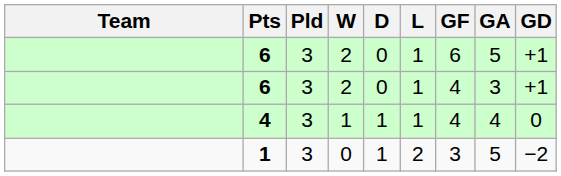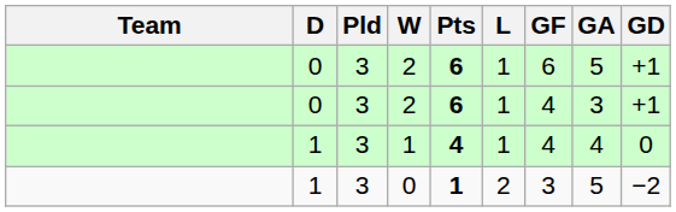 <table class="wikitable" style="text-align: center;">
 <tr>
 <th width=175>Team</th>
-<th width=20 abbr="Points">Pts</th>
+<th width=20 abbr="Drawn">D</th>
 <th width=20 abbr="Played">Pld</th>
 <th width=20 abbr="Won">W</th>
-<th width=20 abbr="Drawn">D</th>
+<th width=20 abbr="Points">Pts</th>
 <th width=20 abbr="Lost">L</th>
 <th width=20 abbr="Goals for">GF</th>
 <th width=20 abbr="Goals against">GA</th>
 <th width=20 abbr="Goal difference">GD</th>
 </tr>
 <tr style="background:#ccffcc;">
 <td align="left"></td>
-<td><strong>6</strong></td>
+<td>0</td>
 <td>3</td>
 <td>2</td>
-<td>0</td>
+<td><strong>6</strong></td>
 <td>1</td>
 <td>6</td>
 <td>5</td>
 <td>+1</td>
 </tr>
 <tr style="background:#ccffcc;">
 <td align="left"></td>
-<td><strong>6</strong></td>
+<td>0</td>
 <td>3</td>
 <td>2</td>
-<td>0</td>
+<td><strong>6</strong></td>
 <td>1</td>
 <td>4</td>
 <td>3</td>
 <td>+1</td>
 </tr>
 <tr style="background:#ccffcc;">
 <td align="left"></td>
-<td><strong>4</strong></td>
+<td>1</td>
 <td>3</td>
 <td>1</td>
-<td>1</td>
+<td><strong>4</strong></td>
 <td>1</td>
 <td>4</td>
 <td>4</td>
 <td>0</td>
 </tr>
 <tr align="center">
 <td align="left"></td>
-<td><strong>1</strong></td>
+<td>1</td>
 <td>3</td>
 <td>0</td>
-<td>1</td>
+<td><strong>1</strong></td>
 <td>2</td>
 <td>3</td>
 <td>5</td>
 <td>−2</td>
 </tr>
 </table>
